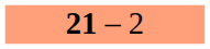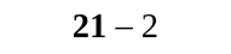 <table style="text-align:center">
 <tr>
 <th width=200></th>
 <th width=100></th>
 <th width=200></th>
 </tr>
 <tr>
 <td align=right><strong></strong></td>
-<td style="background: lightsalmon;"><strong>21</strong> – 2</td>
+<td><strong>21</strong> – 2</td>
 <td align=left></td>
 </tr>
 </table>
